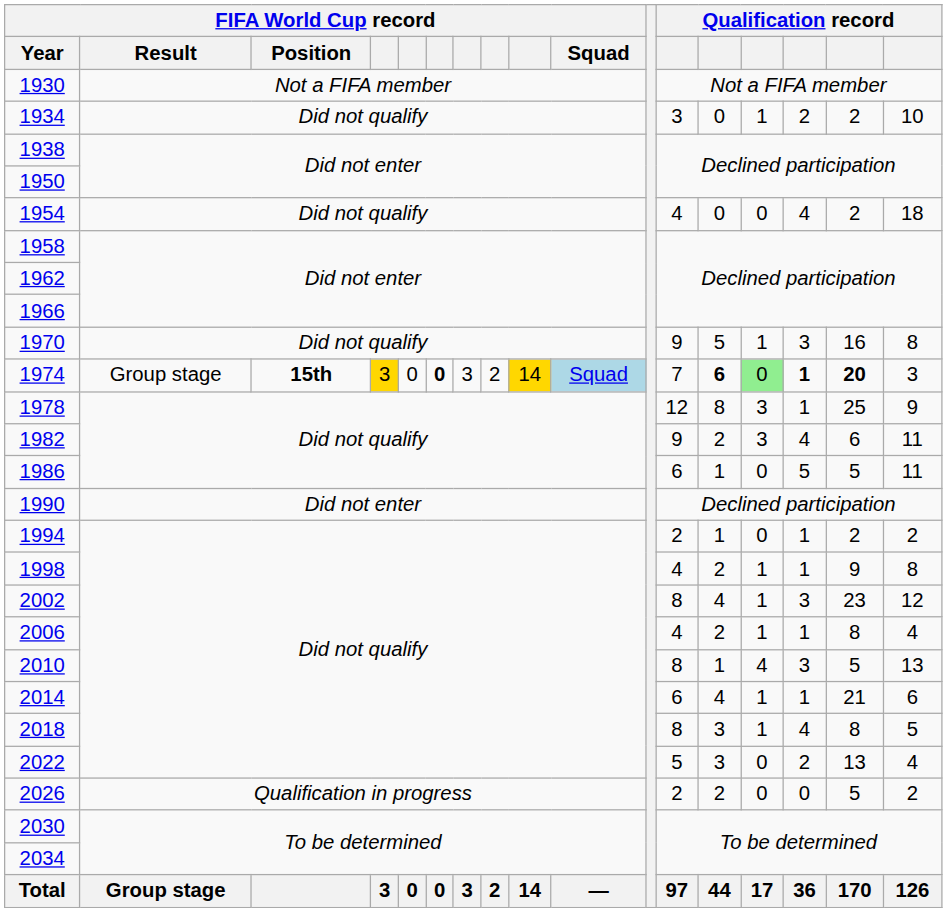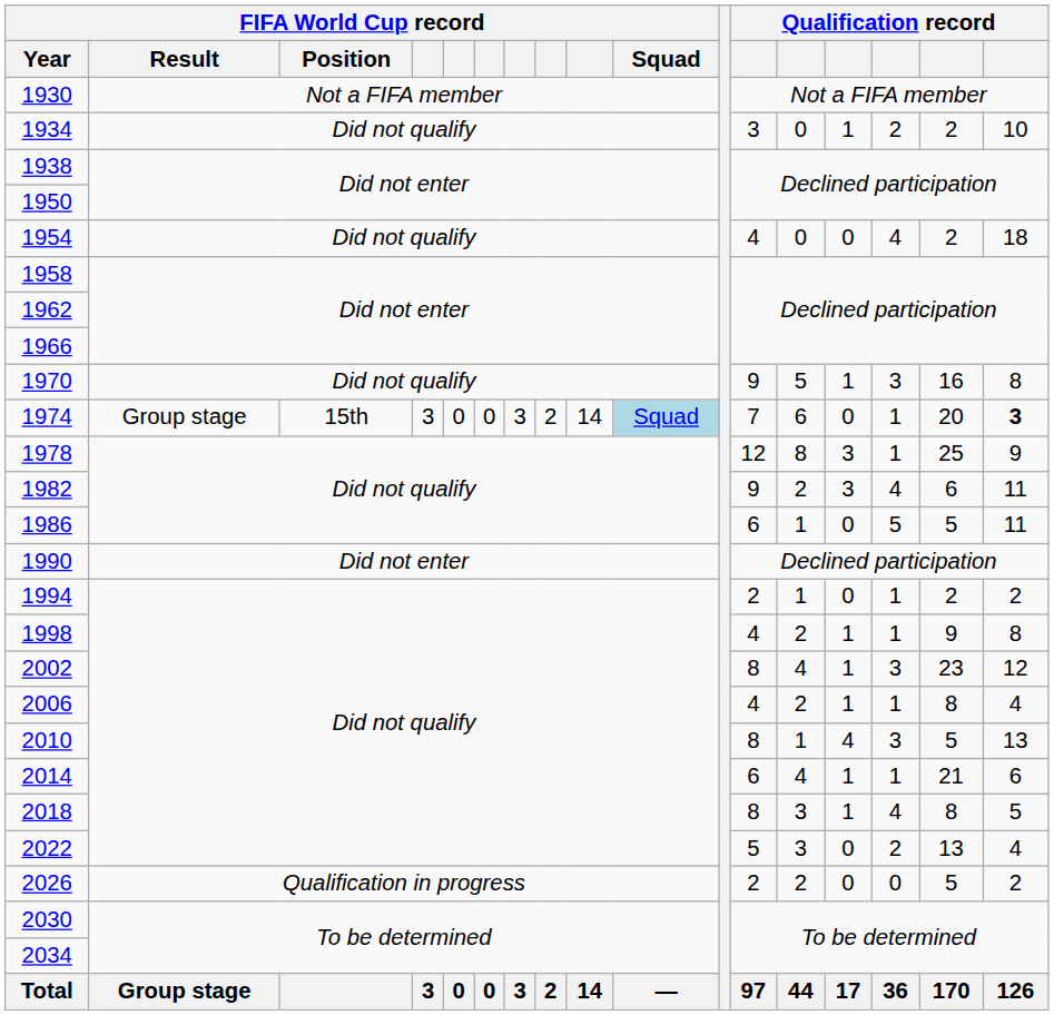 <table class="wikitable" style="text-align: center;">
 <tr>
 <th colspan=10><a href='#'>FIFA World Cup</a> record</th>
 <th width=1% rowspan=28></th>
 <th colspan=7><a href='#'>Qualification</a> record</th>
 </tr>
 <tr>
 <th>Year</th>
 <th>Result</th>
 <th>Position</th>
 <th></th>
 <th></th>
 <th></th>
 <th></th>
 <th></th>
 <th></th>
 <th>Squad</th>
 <th></th>
 <th></th>
 <th></th>
 <th></th>
 <th></th>
 <th></th>
 </tr>
 <tr>
 <td> <a href='#'>1930</a></td>
 <td colspan=9><em>Not a FIFA member</em></td>
 <td colspan=6><em>Not a FIFA member</em></td>
 </tr>
 <tr>
 <td> <a href='#'>1934</a></td>
 <td colspan=9><em>Did not qualify</em></td>
 <td>3</td>
 <td>0</td>
 <td>1</td>
 <td>2</td>
 <td>2</td>
 <td>10</td>
 </tr>
 <tr>
 <td> <a href='#'>1938</a></td>
 <td colspan=9 rowspan=2><em>Did not enter</em></td>
 <td colspan=6 rowspan=2><em>Declined participation</em></td>
 </tr>
 <tr>
 <td> <a href='#'>1950</a></td>
 </tr>
 <tr>
 <td> <a href='#'>1954</a></td>
 <td colspan=9><em>Did not qualify</em></td>
 <td>4</td>
 <td>0</td>
 <td>0</td>
 <td>4</td>
 <td>2</td>
 <td>18</td>
 </tr>
 <tr>
 <td> <a href='#'>1958</a></td>
 <td colspan=9 rowspan=3><em>Did not enter</em></td>
 <td colspan=6 rowspan=3><em>Declined participation</em></td>
 </tr>
 <tr>
 <td> <a href='#'>1962</a></td>
 </tr>
 <tr>
 <td> <a href='#'>1966</a></td>
 </tr>
 <tr>
 <td> <a href='#'>1970</a></td>
 <td colspan=9><em>Did not qualify</em></td>
 <td>9</td>
 <td>5</td>
 <td>1</td>
 <td>3</td>
 <td>16</td>
 <td>8</td>
 </tr>
 <tr>
 <td> <a href='#'>1974</a></td>
 <td>Group stage</td>
-<td><strong>15th</strong></td>
-<td style="background: gold;">3</td>
+<td>15th</td>
+<td>3</td>
 <td>0</td>
-<td><strong>0</strong></td>
+<td>0</td>
 <td>3</td>
 <td>2</td>
-<td style="background: gold;">14</td>
+<td>14</td>
 <td style="background: lightblue;"><a href='#'>Squad</a></td>
 <td>7</td>
-<td><strong>6</strong></td>
-<td style="background: lightgreen;">0</td>
-<td><strong>1</strong></td>
-<td><strong>20</strong></td>
-<td>3</td>
+<td>6</td>
+<td>0</td>
+<td>1</td>
+<td>20</td>
+<td><strong>3</strong></td>
 </tr>
 <tr>
 <td> <a href='#'>1978</a></td>
 <td colspan=9 rowspan=3><em>Did not qualify</em></td>
 <td>12</td>
 <td>8</td>
 <td>3</td>
 <td>1</td>
 <td>25</td>
 <td>9</td>
 </tr>
 <tr>
 <td> <a href='#'>1982</a></td>
 <td>9</td>
 <td>2</td>
 <td>3</td>
 <td>4</td>
 <td>6</td>
 <td>11</td>
 </tr>
 <tr>
 <td> <a href='#'>1986</a></td>
 <td>6</td>
 <td>1</td>
 <td>0</td>
 <td>5</td>
 <td>5</td>
 <td>11</td>
 </tr>
 <tr>
 <td> <a href='#'>1990</a></td>
 <td colspan=9><em>Did not enter</em></td>
 <td colspan=6><em>Declined participation</em></td>
 </tr>
 <tr>
 <td> <a href='#'>1994</a></td>
 <td colspan=9 rowspan=8><em>Did not qualify</em></td>
 <td>2</td>
 <td>1</td>
 <td>0</td>
 <td>1</td>
 <td>2</td>
 <td>2</td>
 </tr>
 <tr>
 <td> <a href='#'>1998</a></td>
 <td>4</td>
 <td>2</td>
 <td>1</td>
 <td>1</td>
 <td>9</td>
 <td>8</td>
 </tr>
 <tr>
 <td>  <a href='#'>2002</a></td>
 <td>8</td>
 <td>4</td>
 <td>1</td>
 <td>3</td>
 <td>23</td>
 <td>12</td>
 </tr>
 <tr>
 <td> <a href='#'>2006</a></td>
 <td>4</td>
 <td>2</td>
 <td>1</td>
 <td>1</td>
 <td>8</td>
 <td>4</td>
 </tr>
 <tr>
 <td> <a href='#'>2010</a></td>
 <td>8</td>
 <td>1</td>
 <td>4</td>
 <td>3</td>
 <td>5</td>
 <td>13</td>
 </tr>
 <tr>
 <td> <a href='#'>2014</a></td>
 <td>6</td>
 <td>4</td>
 <td>1</td>
 <td>1</td>
 <td>21</td>
 <td>6</td>
 </tr>
 <tr>
 <td> <a href='#'>2018</a></td>
 <td>8</td>
 <td>3</td>
 <td>1</td>
 <td>4</td>
 <td>8</td>
 <td>5</td>
 </tr>
 <tr>
 <td> <a href='#'>2022</a></td>
 <td>5</td>
 <td>3</td>
 <td>0</td>
 <td>2</td>
 <td>13</td>
 <td>4</td>
 </tr>
 <tr>
 <td>   <a href='#'>2026</a></td>
 <td colspan=9><em>Qualification in progress</em></td>
 <td>2</td>
 <td>2</td>
 <td>0</td>
 <td>0</td>
 <td>5</td>
 <td>2</td>
 </tr>
 <tr>
 <td>   <a href='#'>2030</a></td>
 <td colspan=9 rowspan=2><em>To be determined</em></td>
 <td colspan=6 rowspan=2><em>To be determined</em></td>
 </tr>
 <tr>
 <td> <a href='#'>2034</a></td>
 </tr>
 <tr>
 <th>Total</th>
 <th>Group stage</th>
 <th></th>
 <th>3</th>
 <th>0</th>
 <th>0</th>
 <th>3</th>
 <th>2</th>
 <th>14</th>
 <th>—</th>
 <th>97</th>
 <th>44</th>
 <th>17</th>
 <th>36</th>
 <th>170</th>
 <th>126</th>
 </tr>
 </table>
